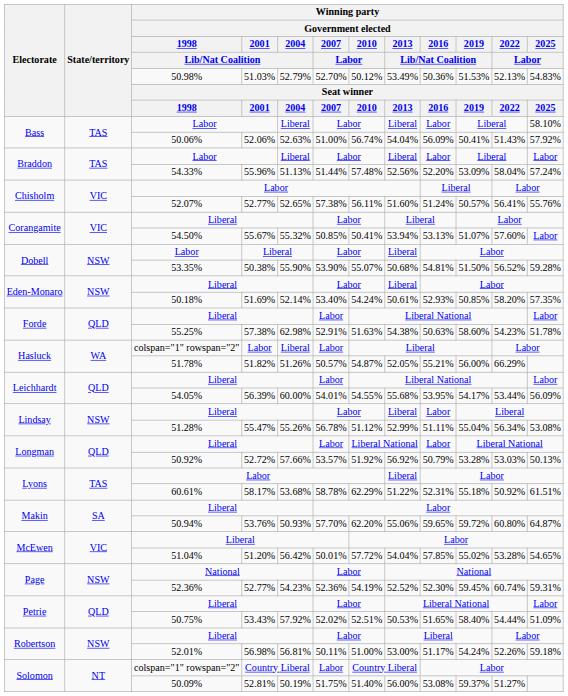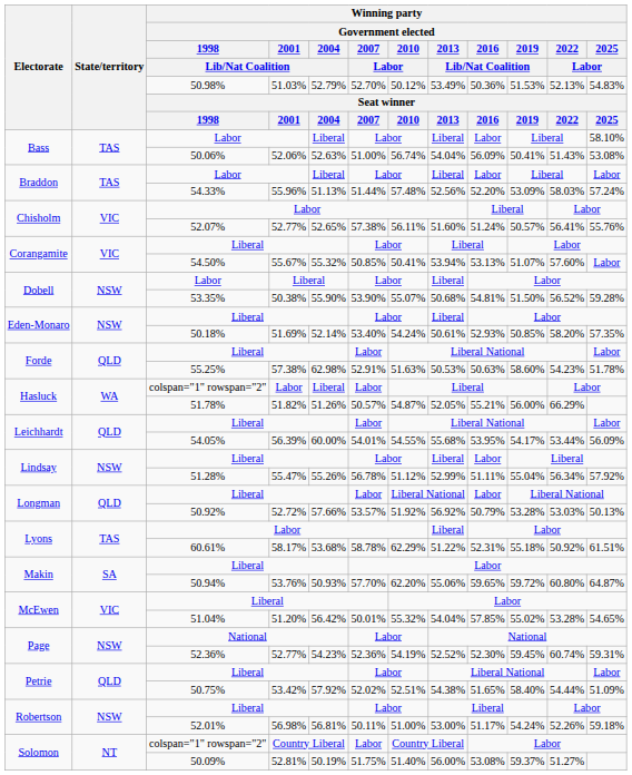 <table class="wikitable" style="text-align:center">
 <tr>
 <th rowspan="7">Electorate</th>
 <th rowspan="7">State/territory</th>
 <th colspan="10">Winning party</th>
 </tr>
 <tr>
 <th colspan="10">Government elected</th>
 </tr>
 <tr>
 <th><a href='#'>1998</a></th>
 <th><a href='#'>2001</a></th>
 <th><a href='#'>2004</a></th>
 <th><a href='#'>2007</a></th>
 <th><a href='#'>2010</a></th>
 <th><a href='#'>2013</a></th>
 <th><a href='#'>2016</a></th>
 <th><a href='#'>2019</a></th>
 <th><a href='#'>2022</a></th>
 <th><a href='#'>2025</a></th>
 </tr>
 <tr>
 <th colspan="3" ><a href='#'>Lib/Nat Coalition</a></th>
 <th colspan="2" ><a href='#'>Labor</a></th>
 <th colspan="3" ><a href='#'>Lib/Nat Coalition</a></th>
 <th colspan="2" ><a href='#'>Labor</a></th>
 </tr>
 <tr>
 <td>50.98%</td>
 <td>51.03%</td>
 <td>52.79%</td>
 <td>52.70%</td>
 <td>50.12%</td>
 <td>53.49%</td>
 <td>50.36%</td>
 <td>51.53%</td>
 <td>52.13%</td>
 <td>54.83%</td>
 </tr>
 <tr>
 <th colspan="10">Seat winner</th>
 </tr>
 <tr>
 <th><a href='#'>1998</a></th>
 <th><a href='#'>2001</a></th>
 <th><a href='#'>2004</a></th>
 <th><a href='#'>2007</a></th>
 <th><a href='#'>2010</a></th>
 <th><a href='#'>2013</a></th>
 <th><a href='#'>2016</a></th>
 <th><a href='#'>2019</a></th>
 <th><a href='#'>2022</a></th>
 <th><a href='#'>2025</a></th>
 </tr>
 <tr>
 <td rowspan="2"><a href='#'>Bass</a></td>
 <td rowspan="2"><a href='#'>TAS</a></td>
 <td colspan="2" ><a href='#'>Labor</a></td>
 <td><a href='#'>Liberal</a></td>
 <td colspan="2" ><a href='#'>Labor</a></td>
 <td><a href='#'>Liberal</a></td>
 <td><a href='#'>Labor</a></td>
 <td colspan="2" ><a href='#'>Liberal</a></td>
 <td>58.10%</td>
 </tr>
 <tr>
 <td>50.06%</td>
 <td>52.06%</td>
 <td>52.63%</td>
 <td>51.00%</td>
 <td>56.74%</td>
 <td>54.04%</td>
 <td>56.09%</td>
 <td>50.41%</td>
 <td>51.43%</td>
-<td>57.92%</td>
+<td>53.08%</td>
 </tr>
 <tr>
 <td rowspan="2"><a href='#'>Braddon</a></td>
 <td rowspan="2"><a href='#'>TAS</a></td>
 <td colspan="2" ><a href='#'>Labor</a></td>
 <td><a href='#'>Liberal</a></td>
 <td colspan="2" ><a href='#'>Labor</a></td>
 <td><a href='#'>Liberal</a></td>
 <td><a href='#'>Labor</a></td>
 <td colspan="2" ><a href='#'>Liberal</a></td>
 <td><a href='#'>Labor</a></td>
 </tr>
 <tr>
 <td>54.33%</td>
 <td>55.96%</td>
 <td>51.13%</td>
 <td>51.44%</td>
 <td>57.48%</td>
 <td>52.56%</td>
 <td>52.20%</td>
 <td>53.09%</td>
-<td>58.04%</td>
+<td>58.03%</td>
 <td>57.24%</td>
 </tr>
 <tr>
 <td rowspan="2"><a href='#'>Chisholm</a></td>
 <td rowspan="2"><a href='#'>VIC</a></td>
 <td colspan="6" ><a href='#'>Labor</a></td>
 <td colspan="2" ><a href='#'>Liberal</a></td>
 <td colspan="2" ><a href='#'>Labor</a></td>
 </tr>
 <tr>
 <td>52.07%</td>
 <td>52.77%</td>
 <td>52.65%</td>
 <td>57.38%</td>
 <td>56.11%</td>
 <td>51.60%</td>
 <td>51.24%</td>
 <td>50.57%</td>
 <td>56.41%</td>
 <td>55.76%</td>
 </tr>
 <tr>
 <td rowspan="2"><a href='#'>Corangamite</a></td>
 <td rowspan="2"><a href='#'>VIC</a></td>
 <td colspan="3" ><a href='#'>Liberal</a></td>
 <td colspan="2" ><a href='#'>Labor</a></td>
 <td colspan="2" ><a href='#'>Liberal</a></td>
 <td colspan="3" ><a href='#'>Labor</a></td>
 </tr>
 <tr>
 <td>54.50%</td>
 <td>55.67%</td>
 <td>55.32%</td>
 <td>50.85%</td>
 <td>50.41%</td>
 <td>53.94%</td>
 <td>53.13%</td>
 <td>51.07%</td>
 <td>57.60%</td>
 <td><a href='#'>Labor</a></td>
 </tr>
 <tr>
 <td rowspan="2"><a href='#'>Dobell</a></td>
 <td rowspan="2"><a href='#'>NSW</a></td>
 <td colspan="1" ><a href='#'>Labor</a></td>
 <td colspan="2" ><a href='#'>Liberal</a></td>
 <td colspan="2" ><a href='#'>Labor</a></td>
 <td><a href='#'>Liberal</a></td>
 <td colspan="4" ><a href='#'>Labor</a></td>
 </tr>
 <tr>
 <td>53.35%</td>
 <td>50.38%</td>
 <td>55.90%</td>
 <td>53.90%</td>
 <td>55.07%</td>
 <td>50.68%</td>
 <td>54.81%</td>
 <td>51.50%</td>
 <td>56.52%</td>
 <td>59.28%</td>
 </tr>
 <tr>
 <td rowspan="2"><a href='#'>Eden-Monaro</a></td>
 <td rowspan="2"><a href='#'>NSW</a></td>
 <td colspan="3" ><a href='#'>Liberal</a></td>
 <td colspan="2" ><a href='#'>Labor</a></td>
 <td><a href='#'>Liberal</a></td>
 <td colspan="4" ><a href='#'>Labor</a></td>
 </tr>
 <tr>
 <td>50.18%</td>
 <td>51.69%</td>
 <td>52.14%</td>
 <td>53.40%</td>
 <td>54.24%</td>
 <td>50.61%</td>
 <td>52.93%</td>
 <td>50.85%</td>
 <td>58.20%</td>
 <td>57.35%</td>
 </tr>
 <tr>
 <td rowspan="2"><a href='#'>Forde</a></td>
 <td rowspan="2"><a href='#'>QLD</a></td>
 <td colspan="3" ><a href='#'>Liberal</a></td>
 <td><a href='#'>Labor</a></td>
 <td colspan="5" ><a href='#'>Liberal National</a></td>
 <td><a href='#'>Labor</a></td>
 </tr>
 <tr>
 <td>55.25%</td>
 <td>57.38%</td>
 <td>62.98%</td>
 <td>52.91%</td>
 <td>51.63%</td>
-<td>54.38%</td>
+<td>50.53%</td>
 <td>50.63%</td>
 <td>58.60%</td>
 <td>54.23%</td>
 <td>51.78%</td>
 </tr>
 <tr>
 <td rowspan="2"><a href='#'>Hasluck</a></td>
 <td rowspan="2"><a href='#'>WA</a></td>
 <td>colspan="1" rowspan="2" </td>
 <td><a href='#'>Labor</a></td>
 <td><a href='#'>Liberal</a></td>
 <td><a href='#'>Labor</a></td>
 <td colspan="4" ><a href='#'>Liberal</a></td>
 <td colspan="2" ><a href='#'>Labor</a></td>
 </tr>
 <tr>
 <td>51.78%</td>
 <td>51.82%</td>
 <td>51.26%</td>
 <td>50.57%</td>
 <td>54.87%</td>
 <td>52.05%</td>
 <td>55.21%</td>
 <td>56.00%</td>
 <td>66.29%</td>
 </tr>
 <tr>
 <td rowspan="2"><a href='#'>Leichhardt</a></td>
 <td rowspan="2"><a href='#'>QLD</a></td>
 <td colspan="3" ><a href='#'>Liberal</a></td>
 <td><a href='#'>Labor</a></td>
 <td colspan="5" ><a href='#'>Liberal National</a></td>
 <td><a href='#'>Labor</a></td>
 </tr>
 <tr>
 <td>54.05%</td>
 <td>56.39%</td>
 <td>60.00%</td>
 <td>54.01%</td>
 <td>54.55%</td>
 <td>55.68%</td>
 <td>53.95%</td>
 <td>54.17%</td>
 <td>53.44%</td>
 <td>56.09%</td>
 </tr>
 <tr>
 <td rowspan="2"><a href='#'>Lindsay</a></td>
 <td rowspan="2"><a href='#'>NSW</a></td>
 <td colspan="3" ><a href='#'>Liberal</a></td>
 <td colspan="2" ><a href='#'>Labor</a></td>
 <td><a href='#'>Liberal</a></td>
 <td><a href='#'>Labor</a></td>
 <td colspan="3" ><a href='#'>Liberal</a></td>
 </tr>
 <tr>
 <td>51.28%</td>
 <td>55.47%</td>
 <td>55.26%</td>
 <td>56.78%</td>
 <td>51.12%</td>
 <td>52.99%</td>
 <td>51.11%</td>
 <td>55.04%</td>
 <td>56.34%</td>
-<td>53.08%</td>
+<td>57.92%</td>
 </tr>
 <tr>
 <td rowspan="2"><a href='#'>Longman</a></td>
 <td rowspan="2"><a href='#'>QLD</a></td>
 <td colspan="3" ><a href='#'>Liberal</a></td>
 <td><a href='#'>Labor</a></td>
 <td colspan="2" ><a href='#'>Liberal National</a></td>
 <td><a href='#'>Labor</a></td>
 <td colspan="3" ><a href='#'>Liberal National</a></td>
 </tr>
 <tr>
 <td>50.92%</td>
 <td>52.72%</td>
 <td>57.66%</td>
 <td>53.57%</td>
 <td>51.92%</td>
 <td>56.92%</td>
 <td>50.79%</td>
 <td>53.28%</td>
 <td>53.03%</td>
 <td>50.13%</td>
 </tr>
 <tr>
 <td rowspan="2"><a href='#'>Lyons</a></td>
 <td rowspan="2"><a href='#'>TAS</a></td>
 <td colspan="5" ><a href='#'>Labor</a></td>
 <td><a href='#'>Liberal</a></td>
 <td colspan="4" ><a href='#'>Labor</a></td>
 </tr>
 <tr>
 <td>60.61%</td>
 <td>58.17%</td>
 <td>53.68%</td>
 <td>58.78%</td>
 <td>62.29%</td>
 <td>51.22%</td>
 <td>52.31%</td>
 <td>55.18%</td>
 <td>50.92%</td>
 <td>61.51%</td>
 </tr>
 <tr>
 <td rowspan="2"><a href='#'>Makin</a></td>
 <td rowspan="2"><a href='#'>SA</a></td>
 <td colspan="3" ><a href='#'>Liberal</a></td>
 <td colspan="7" ><a href='#'>Labor</a></td>
 </tr>
 <tr>
 <td>50.94%</td>
 <td>53.76%</td>
 <td>50.93%</td>
 <td>57.70%</td>
 <td>62.20%</td>
 <td>55.06%</td>
 <td>59.65%</td>
 <td>59.72%</td>
 <td>60.80%</td>
 <td>64.87%</td>
 </tr>
 <tr>
 <td rowspan="2"><a href='#'>McEwen</a></td>
 <td rowspan="2"><a href='#'>VIC</a></td>
 <td colspan="4" ><a href='#'>Liberal</a></td>
 <td colspan="6" ><a href='#'>Labor</a></td>
 </tr>
 <tr>
 <td>51.04%</td>
 <td>51.20%</td>
 <td>56.42%</td>
 <td>50.01%</td>
-<td>57.72%</td>
+<td>55.32%</td>
 <td>54.04%</td>
 <td>57.85%</td>
 <td>55.02%</td>
 <td>53.28%</td>
 <td>54.65%</td>
 </tr>
 <tr>
 <td rowspan="2"><a href='#'>Page</a></td>
 <td rowspan="2"><a href='#'>NSW</a></td>
 <td colspan="3" ><a href='#'>National</a></td>
 <td colspan="2" ><a href='#'>Labor</a></td>
 <td colspan="5" ><a href='#'>National</a></td>
 </tr>
 <tr>
 <td>52.36%</td>
 <td>52.77%</td>
 <td>54.23%</td>
 <td>52.36%</td>
 <td>54.19%</td>
 <td>52.52%</td>
 <td>52.30%</td>
 <td>59.45%</td>
 <td>60.74%</td>
 <td>59.31%</td>
 </tr>
 <tr>
 <td rowspan="2"><a href='#'>Petrie</a></td>
 <td rowspan="2"><a href='#'>QLD</a></td>
 <td colspan="3" ><a href='#'>Liberal</a></td>
 <td colspan="2" ><a href='#'>Labor</a></td>
 <td colspan="4" ><a href='#'>Liberal National</a></td>
 <td><a href='#'>Labor</a></td>
 </tr>
 <tr>
 <td>50.75%</td>
-<td>53.43%</td>
+<td>53.42%</td>
 <td>57.92%</td>
 <td>52.02%</td>
 <td>52.51%</td>
-<td>50.53%</td>
+<td>54.38%</td>
 <td>51.65%</td>
 <td>58.40%</td>
 <td>54.44%</td>
 <td>51.09%</td>
 </tr>
 <tr>
 <td rowspan="2"><a href='#'>Robertson</a></td>
 <td rowspan="2"><a href='#'>NSW</a></td>
 <td colspan="3" ><a href='#'>Liberal</a></td>
 <td colspan="2" ><a href='#'>Labor</a></td>
 <td colspan="3" ><a href='#'>Liberal</a></td>
 <td colspan="2" ><a href='#'>Labor</a></td>
 </tr>
 <tr>
 <td>52.01%</td>
 <td>56.98%</td>
 <td>56.81%</td>
 <td>50.11%</td>
 <td>51.00%</td>
 <td>53.00%</td>
 <td>51.17%</td>
 <td>54.24%</td>
 <td>52.26%</td>
 <td>59.18%</td>
 </tr>
 <tr>
 <td rowspan="2"><a href='#'>Solomon</a></td>
 <td rowspan="2"><a href='#'>NT</a></td>
 <td>colspan="1" rowspan="2" </td>
 <td colspan="2" ><a href='#'>Country Liberal</a></td>
 <td><a href='#'>Labor</a></td>
 <td colspan="2" ><a href='#'>Country Liberal</a></td>
 <td colspan="4" ><a href='#'>Labor</a></td>
 </tr>
 <tr>
 <td>50.09%</td>
 <td>52.81%</td>
 <td>50.19%</td>
 <td>51.75%</td>
 <td>51.40%</td>
 <td>56.00%</td>
 <td>53.08%</td>
 <td>59.37%</td>
 <td>51.27%</td>
 </tr>
 </table>
